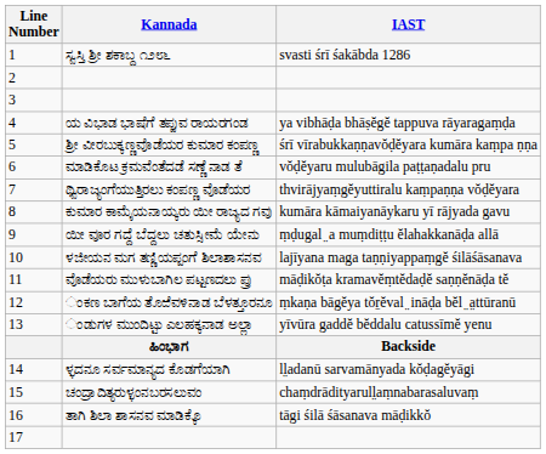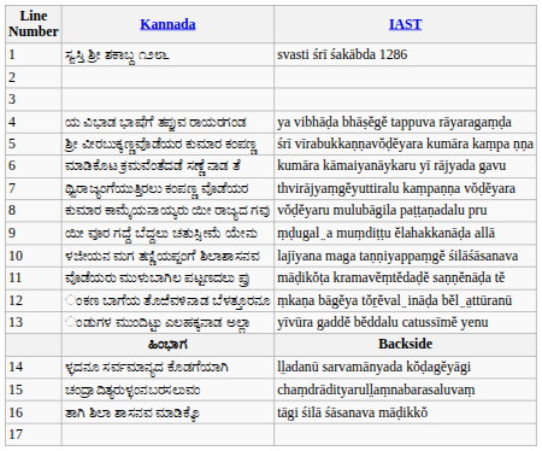 <table class="wikitable">
 <tr>
 <th>Line<br>Number</th>
 <th><a href='#'>Kannada</a></th>
 <th><a href='#'>IAST</a></th>
 </tr>
 <tr>
 <td>1</td>
 <td>ಸ್ವಸ್ತಿ ಶ್ರೀ ಶಕಾಬ್ದ ೧೨೮೬</td>
 <td>svasti śrī śakābda 1286</td>
 </tr>
 <tr>
 <td>2</td>
 <td></td>
 <td></td>
 </tr>
 <tr>
 <td>3</td>
 <td></td>
 <td></td>
 </tr>
 <tr>
 <td>4</td>
 <td>ಯ ವಿಭಾಡ ಭಾಷೆಗೆ ತಪ್ಪುವ ರಾಯರಗಂಡ</td>
 <td>ya vibhāḍa bhāṣĕgĕ tappuva rāyaragaṃḍa</td>
 </tr>
 <tr>
 <td>5</td>
 <td>ಶ್ರೀ ವೀರಬುಕ್ಕಣ್ಣವೊಡೆಯರ ಕುಮಾರ ಕಂಪಣ್ಣ</td>
 <td>śrī vīrabukkaṇṇavŏḍĕyara kumāra kaṃpa ṇṇa</td>
 </tr>
 <tr>
 <td>6</td>
 <td>ಮಾಡಿಕೊಟ ಕ್ರಮವೆಂತೆದಡೆ‌ ಸಣ್ಣೆನಾಡ ತೆ</td>
-<td>vŏḍĕyaru mulubāgila paṭṭaṇadalu pru</td>
+<td>kumāra kāmaiyanāykaru yī rājyada gavu</td>
 </tr>
 <tr>
 <td>7</td>
 <td>ಥ್ವಿರಾಜ್ಯಂಗೆಯುತ್ತಿರಲು ಕಂಪಣ್ಣ ವೊಡೆಯರ</td>
 <td>thvirājyaṃgĕyuttiralu kaṃpaṇṇa vŏḍĕyara</td>
 </tr>
 <tr>
 <td>8</td>
 <td>ಕುಮಾರ ಕಾಮೈಯನಾಯ್ಕರು ಯೀ ರಾಜ್ಯದ ಗವು</td>
-<td>kumāra kāmaiyanāykaru yī rājyada gavu</td>
+<td>vŏḍĕyaru mulubāgila paṭṭaṇadalu pru</td>
 </tr>
 <tr>
 <td>9</td>
 <td>ಯೀ ವೂರ ಗದ್ದೆ ಬೆದ್ದಲು ಚತುಸ್ಸೀಮೆ ಯೇನು</td>
 <td>ṃḍugal ̤ a muṃdiṭṭu ĕlahakkanāḍa allā</td>
 </tr>
 <tr>
 <td>10</td>
 <td>ಳಜೀಯನ ಮಗ ತಣ್ಣಿಯಪ್ಪಂಗೆ ಶಿಲಾಶಾಸನವ</td>
 <td>lajīyana maga taṇṇiyappaṃgĕ śilāśāsanava</td>
 </tr>
 <tr>
 <td>11</td>
 <td>ವೊಡೆಯರು ಮುಳುಬಾಗಿಲ ಪಟ್ಟಣದಲು ಪ್ರು</td>
 <td>māḍikŏṭa kramavĕṃtĕdaḍĕ saṇṇĕnāḍa tĕ</td>
 </tr>
 <tr>
 <td>12</td>
 <td>ಂಕಣ ಬಾಗೆಯ ತೊಱೆವಳಿನಾಡ ಬೆಳತ್ತೂರನೂ</td>
 <td>ṃkaṇa bāgĕya tŏṟĕval ̤ ināḍa bĕl ̤ a̤ttūranū</td>
 </tr>
 <tr>
 <td>13</td>
 <td>ಂಡುಗಳ ಮುಂದಿಟ್ಟು ಎಲಹಕ್ಕನಾಡ ಅಲ್ಲಾ</td>
 <td>yīvūra gaddĕ bĕddalu catussīmĕ yenu</td>
 </tr>
 <tr>
 <th></th>
 <th>ಹಿಂಭಾಗ</th>
 <th>Backside</th>
 </tr>
 <tr>
 <td>14</td>
 <td>ಳ್ಳದನೂ ಸರ್ವಮಾನ್ಯದ ಕೊಡಗೆಯಾಗಿ</td>
 <td>ll̤adanū sarvamānyada kŏḍagĕyāgi</td>
 </tr>
 <tr>
 <td>15</td>
 <td>ಚಂದ್ರಾದಿತ್ಯರುಳ್ಳಂನಬರಸಲುವಂ</td>
 <td>chaṃdrādityarull̤aṃnabarasaluvaṃ</td>
 </tr>
 <tr>
 <td>16</td>
 <td>ತಾಗಿ ಶಿಲಾ ಶಾಸನವ ಮಾಡಿಕ್ಕೊ</td>
 <td>tāgi śilā śāsanava māḍikkŏ</td>
 </tr>
 <tr>
 <td>17</td>
 <td></td>
 <td></td>
 </tr>
 </table>
